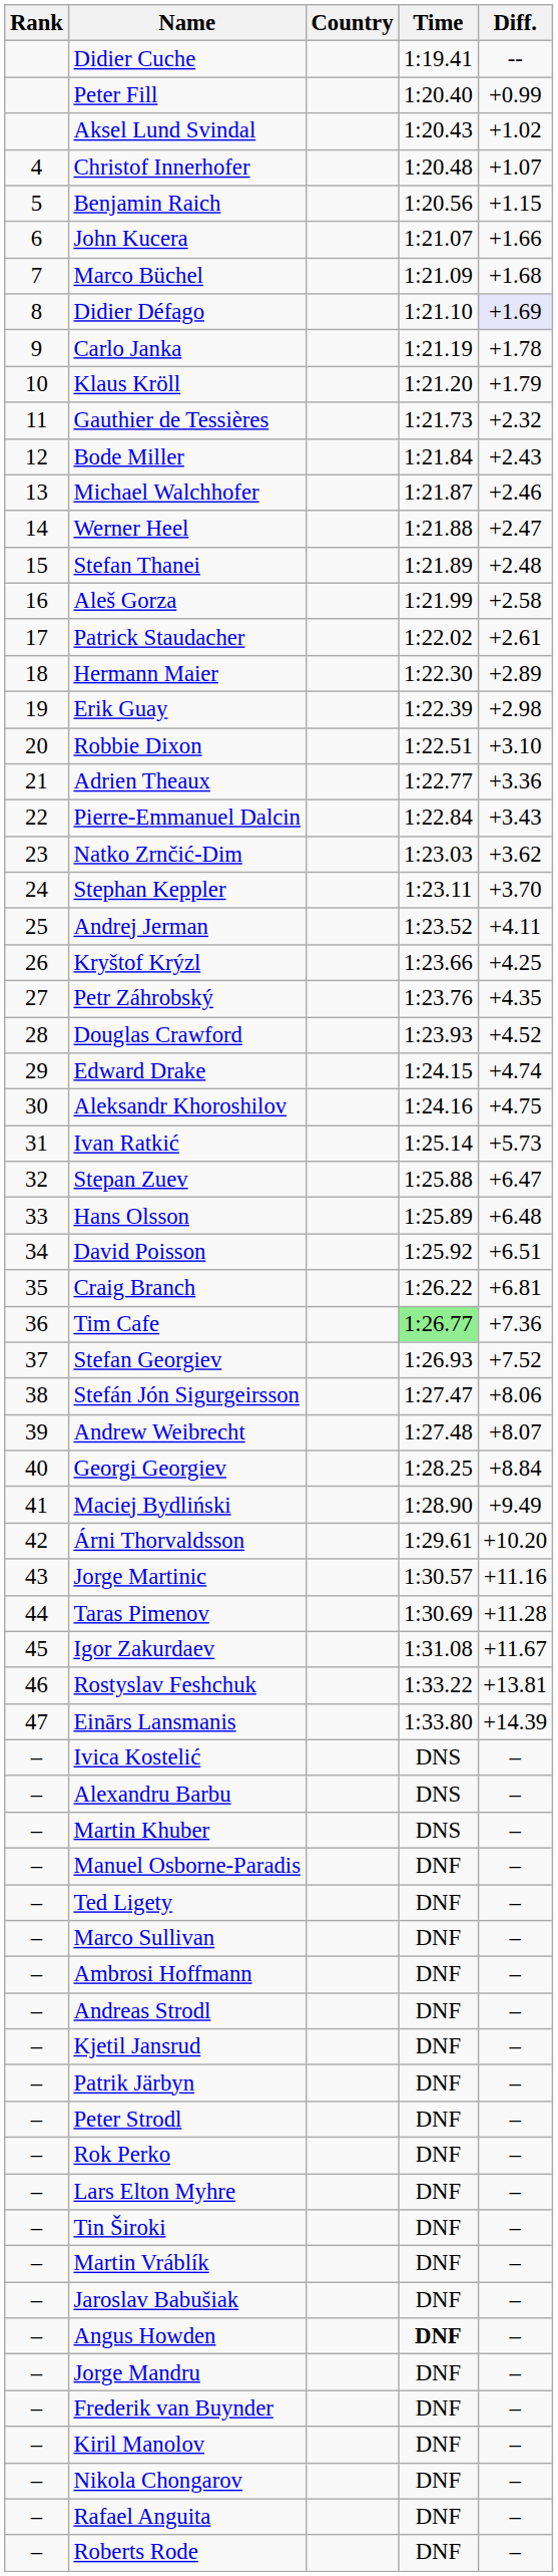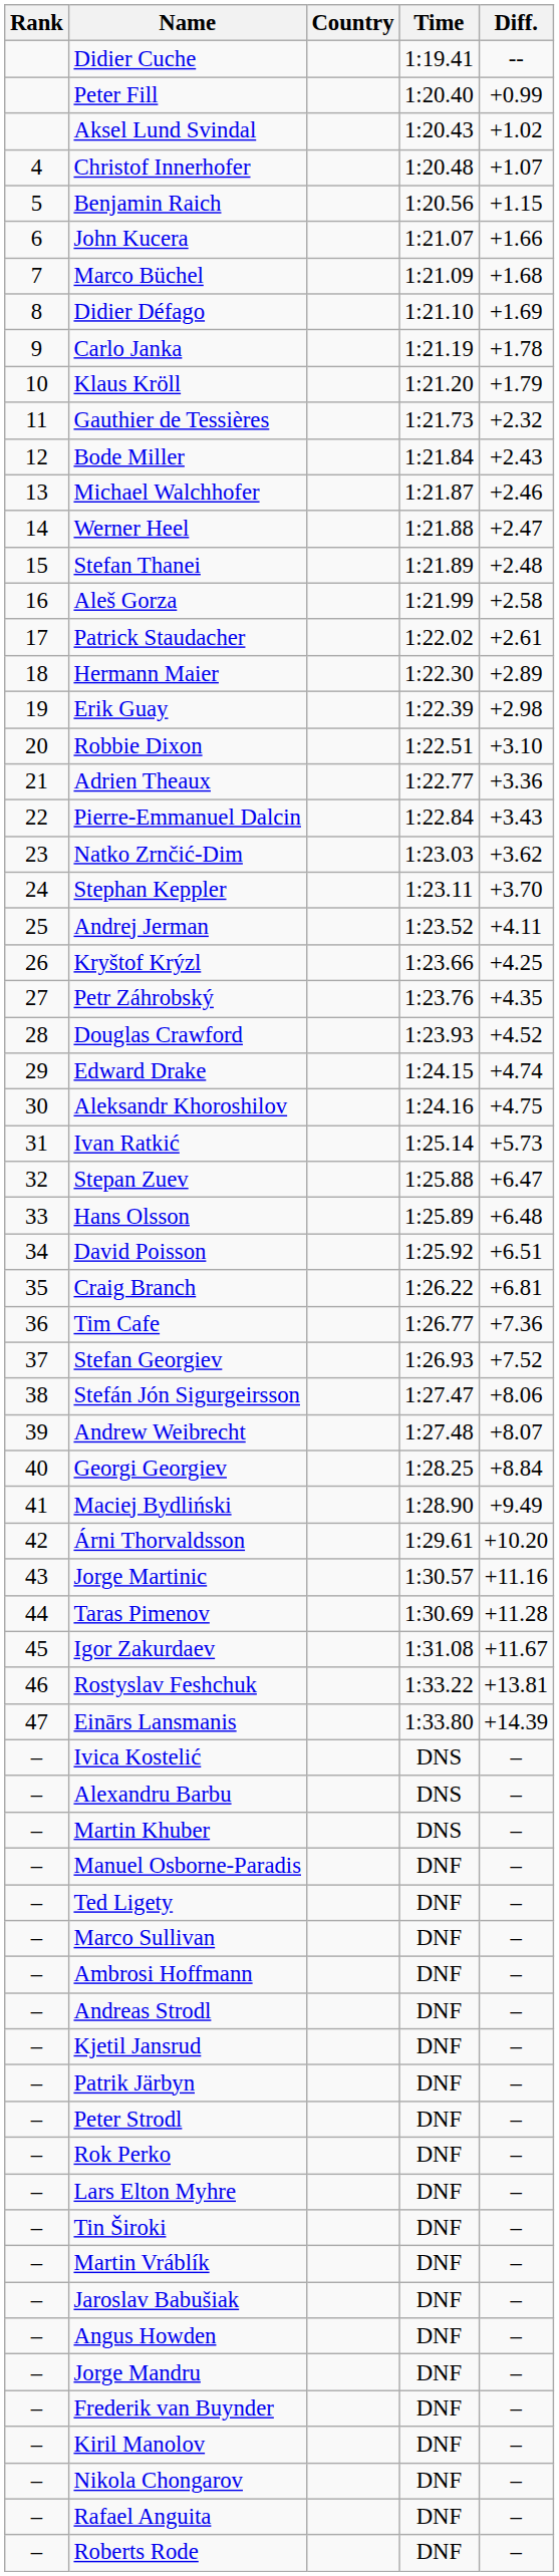 <table class="wikitable sortable" style="text-align:center">
 <tr>
 <th>Rank</th>
 <th>Name</th>
 <th>Country</th>
 <th>Time</th>
 <th>Diff.</th>
 </tr>
 <tr>
 <td></td>
 <td align=left><a href='#'>Didier Cuche</a></td>
 <td align=left></td>
 <td>1:19.41</td>
 <td>--</td>
 </tr>
 <tr>
 <td></td>
 <td align=left><a href='#'>Peter Fill</a></td>
 <td align=left></td>
 <td>1:20.40</td>
 <td>+0.99</td>
 </tr>
 <tr>
 <td></td>
 <td align=left><a href='#'>Aksel Lund Svindal</a></td>
 <td align=left></td>
 <td>1:20.43</td>
 <td>+1.02</td>
 </tr>
 <tr>
 <td>4</td>
 <td align=left><a href='#'>Christof Innerhofer</a></td>
 <td align=left></td>
 <td>1:20.48</td>
 <td>+1.07</td>
 </tr>
 <tr>
 <td>5</td>
 <td align=left><a href='#'>Benjamin Raich</a></td>
 <td align=left></td>
 <td>1:20.56</td>
 <td>+1.15</td>
 </tr>
 <tr>
 <td>6</td>
 <td align=left><a href='#'>John Kucera</a></td>
 <td align=left></td>
 <td>1:21.07</td>
 <td>+1.66</td>
 </tr>
 <tr>
 <td>7</td>
 <td align=left><a href='#'>Marco Büchel</a></td>
 <td align=left></td>
 <td>1:21.09</td>
 <td>+1.68</td>
 </tr>
 <tr>
 <td>8</td>
 <td align=left><a href='#'>Didier Défago</a></td>
 <td align=left></td>
 <td>1:21.10</td>
-<td style="background: lavender;">+1.69</td>
+<td>+1.69</td>
 </tr>
 <tr>
 <td>9</td>
 <td align=left><a href='#'>Carlo Janka</a></td>
 <td align=left></td>
 <td>1:21.19</td>
 <td>+1.78</td>
 </tr>
 <tr>
 <td>10</td>
 <td align=left><a href='#'>Klaus Kröll</a></td>
 <td align=left></td>
 <td>1:21.20</td>
 <td>+1.79</td>
 </tr>
 <tr>
 <td>11</td>
 <td align=left><a href='#'>Gauthier de Tessières</a></td>
 <td align=left></td>
 <td>1:21.73</td>
 <td>+2.32</td>
 </tr>
 <tr>
 <td>12</td>
 <td align=left><a href='#'>Bode Miller</a></td>
 <td align=left></td>
 <td>1:21.84</td>
 <td>+2.43</td>
 </tr>
 <tr>
 <td>13</td>
 <td align=left><a href='#'>Michael Walchhofer</a></td>
 <td align=left></td>
 <td>1:21.87</td>
 <td>+2.46</td>
 </tr>
 <tr>
 <td>14</td>
 <td align=left><a href='#'>Werner Heel</a></td>
 <td align=left></td>
 <td>1:21.88</td>
 <td>+2.47</td>
 </tr>
 <tr>
 <td>15</td>
 <td align=left><a href='#'>Stefan Thanei</a></td>
 <td align=left></td>
 <td>1:21.89</td>
 <td>+2.48</td>
 </tr>
 <tr>
 <td>16</td>
 <td align=left><a href='#'>Aleš Gorza</a></td>
 <td align=left></td>
 <td>1:21.99</td>
 <td>+2.58</td>
 </tr>
 <tr>
 <td>17</td>
 <td align=left><a href='#'>Patrick Staudacher</a></td>
 <td align=left></td>
 <td>1:22.02</td>
 <td>+2.61</td>
 </tr>
 <tr>
 <td>18</td>
 <td align=left><a href='#'>Hermann Maier</a></td>
 <td align=left></td>
 <td>1:22.30</td>
 <td>+2.89</td>
 </tr>
 <tr>
 <td>19</td>
 <td align=left><a href='#'>Erik Guay</a></td>
 <td align=left></td>
 <td>1:22.39</td>
 <td>+2.98</td>
 </tr>
 <tr>
 <td>20</td>
 <td align=left><a href='#'>Robbie Dixon</a></td>
 <td align=left></td>
 <td>1:22.51</td>
 <td>+3.10</td>
 </tr>
 <tr>
 <td>21</td>
 <td align=left><a href='#'>Adrien Theaux</a></td>
 <td align=left></td>
 <td>1:22.77</td>
 <td>+3.36</td>
 </tr>
 <tr>
 <td>22</td>
 <td align=left><a href='#'>Pierre-Emmanuel Dalcin</a></td>
 <td align=left></td>
 <td>1:22.84</td>
 <td>+3.43</td>
 </tr>
 <tr>
 <td>23</td>
 <td align=left><a href='#'>Natko Zrnčić-Dim</a></td>
 <td align=left></td>
 <td>1:23.03</td>
 <td>+3.62</td>
 </tr>
 <tr>
 <td>24</td>
 <td align=left><a href='#'>Stephan Keppler</a></td>
 <td align=left></td>
 <td>1:23.11</td>
 <td>+3.70</td>
 </tr>
 <tr>
 <td>25</td>
 <td align=left><a href='#'>Andrej Jerman</a></td>
 <td align=left></td>
 <td>1:23.52</td>
 <td>+4.11</td>
 </tr>
 <tr>
 <td>26</td>
 <td align=left><a href='#'>Kryštof Krýzl</a></td>
 <td align=left></td>
 <td>1:23.66</td>
 <td>+4.25</td>
 </tr>
 <tr>
 <td>27</td>
 <td align=left><a href='#'>Petr Záhrobský</a></td>
 <td align=left></td>
 <td>1:23.76</td>
 <td>+4.35</td>
 </tr>
 <tr>
 <td>28</td>
 <td align=left><a href='#'>Douglas Crawford</a></td>
 <td align=left></td>
 <td>1:23.93</td>
 <td>+4.52</td>
 </tr>
 <tr>
 <td>29</td>
 <td align=left><a href='#'>Edward Drake</a></td>
 <td align=left></td>
 <td>1:24.15</td>
 <td>+4.74</td>
 </tr>
 <tr>
 <td>30</td>
 <td align=left><a href='#'>Aleksandr Khoroshilov</a></td>
 <td align=left></td>
 <td>1:24.16</td>
 <td>+4.75</td>
 </tr>
 <tr>
 <td>31</td>
 <td align=left><a href='#'>Ivan Ratkić</a></td>
 <td align=left></td>
 <td>1:25.14</td>
 <td>+5.73</td>
 </tr>
 <tr>
 <td>32</td>
 <td align=left><a href='#'>Stepan Zuev</a></td>
 <td align=left></td>
 <td>1:25.88</td>
 <td>+6.47</td>
 </tr>
 <tr>
 <td>33</td>
 <td align=left><a href='#'>Hans Olsson</a></td>
 <td align=left></td>
 <td>1:25.89</td>
 <td>+6.48</td>
 </tr>
 <tr>
 <td>34</td>
 <td align=left><a href='#'>David Poisson</a></td>
 <td align=left></td>
 <td>1:25.92</td>
 <td>+6.51</td>
 </tr>
 <tr>
 <td>35</td>
 <td align=left><a href='#'>Craig Branch</a></td>
 <td align=left></td>
 <td>1:26.22</td>
 <td>+6.81</td>
 </tr>
 <tr>
 <td>36</td>
 <td align=left><a href='#'>Tim Cafe</a></td>
 <td align=left></td>
-<td style="background: lightgreen;">1:26.77</td>
+<td>1:26.77</td>
 <td>+7.36</td>
 </tr>
 <tr>
 <td>37</td>
 <td align=left><a href='#'>Stefan Georgiev</a></td>
 <td align=left></td>
 <td>1:26.93</td>
 <td>+7.52</td>
 </tr>
 <tr>
 <td>38</td>
 <td align=left><a href='#'>Stefán Jón Sigurgeirsson</a></td>
 <td align=left></td>
 <td>1:27.47</td>
 <td>+8.06</td>
 </tr>
 <tr>
 <td>39</td>
 <td align=left><a href='#'>Andrew Weibrecht</a></td>
 <td align=left></td>
 <td>1:27.48</td>
 <td>+8.07</td>
 </tr>
 <tr>
 <td>40</td>
 <td align=left><a href='#'>Georgi Georgiev</a></td>
 <td align=left></td>
 <td>1:28.25</td>
 <td>+8.84</td>
 </tr>
 <tr>
 <td>41</td>
 <td align=left><a href='#'>Maciej Bydliński</a></td>
 <td align=left></td>
 <td>1:28.90</td>
 <td>+9.49</td>
 </tr>
 <tr>
 <td>42</td>
 <td align=left><a href='#'>Árni Thorvaldsson</a></td>
 <td align=left></td>
 <td>1:29.61</td>
 <td>+10.20</td>
 </tr>
 <tr>
 <td>43</td>
 <td align=left><a href='#'>Jorge Martinic</a></td>
 <td align=left></td>
 <td>1:30.57</td>
 <td>+11.16</td>
 </tr>
 <tr>
 <td>44</td>
 <td align=left><a href='#'>Taras Pimenov</a></td>
 <td align=left></td>
 <td>1:30.69</td>
 <td>+11.28</td>
 </tr>
 <tr>
 <td>45</td>
 <td align=left><a href='#'>Igor Zakurdaev</a></td>
 <td align=left></td>
 <td>1:31.08</td>
 <td>+11.67</td>
 </tr>
 <tr>
 <td>46</td>
 <td align=left><a href='#'>Rostyslav Feshchuk</a></td>
 <td align=left></td>
 <td>1:33.22</td>
 <td>+13.81</td>
 </tr>
 <tr>
 <td>47</td>
 <td align=left><a href='#'>Einārs Lansmanis</a></td>
 <td align=left></td>
 <td>1:33.80</td>
 <td>+14.39</td>
 </tr>
 <tr>
 <td>–</td>
 <td align=left><a href='#'>Ivica Kostelić</a></td>
 <td align=left></td>
 <td>DNS</td>
 <td>–</td>
 </tr>
 <tr>
 <td>–</td>
 <td align=left><a href='#'>Alexandru Barbu</a></td>
 <td align=left></td>
 <td>DNS</td>
 <td>–</td>
 </tr>
 <tr>
 <td>–</td>
 <td align=left><a href='#'>Martin Khuber</a></td>
 <td align=left></td>
 <td>DNS</td>
 <td>–</td>
 </tr>
 <tr>
 <td>–</td>
 <td align=left><a href='#'>Manuel Osborne-Paradis</a></td>
 <td align=left></td>
 <td>DNF</td>
 <td>–</td>
 </tr>
 <tr>
 <td>–</td>
 <td align=left><a href='#'>Ted Ligety</a></td>
 <td align=left></td>
 <td>DNF</td>
 <td>–</td>
 </tr>
 <tr>
 <td>–</td>
 <td align=left><a href='#'>Marco Sullivan</a></td>
 <td align=left></td>
 <td>DNF</td>
 <td>–</td>
 </tr>
 <tr>
 <td>–</td>
 <td align=left><a href='#'>Ambrosi Hoffmann</a></td>
 <td align=left></td>
 <td>DNF</td>
 <td>–</td>
 </tr>
 <tr>
 <td>–</td>
 <td align=left><a href='#'>Andreas Strodl</a></td>
 <td align=left></td>
 <td>DNF</td>
 <td>–</td>
 </tr>
 <tr>
 <td>–</td>
 <td align=left><a href='#'>Kjetil Jansrud</a></td>
 <td align=left></td>
 <td>DNF</td>
 <td>–</td>
 </tr>
 <tr>
 <td>–</td>
 <td align=left><a href='#'>Patrik Järbyn</a></td>
 <td align=left></td>
 <td>DNF</td>
 <td>–</td>
 </tr>
 <tr>
 <td>–</td>
 <td align=left><a href='#'>Peter Strodl</a></td>
 <td align=left></td>
 <td>DNF</td>
 <td>–</td>
 </tr>
 <tr>
 <td>–</td>
 <td align=left><a href='#'>Rok Perko</a></td>
 <td align=left></td>
 <td>DNF</td>
 <td>–</td>
 </tr>
 <tr>
 <td>–</td>
 <td align=left><a href='#'>Lars Elton Myhre</a></td>
 <td align=left></td>
 <td>DNF</td>
 <td>–</td>
 </tr>
 <tr>
 <td>–</td>
 <td align=left><a href='#'>Tin Široki</a></td>
 <td align=left></td>
 <td>DNF</td>
 <td>–</td>
 </tr>
 <tr>
 <td>–</td>
 <td align=left><a href='#'>Martin Vráblík</a></td>
 <td align=left></td>
 <td>DNF</td>
 <td>–</td>
 </tr>
 <tr>
 <td>–</td>
 <td align=left><a href='#'>Jaroslav Babušiak</a></td>
 <td align=left></td>
 <td>DNF</td>
 <td>–</td>
 </tr>
 <tr>
 <td>–</td>
 <td align=left><a href='#'>Angus Howden</a></td>
 <td align=left></td>
-<td><strong>DNF</strong></td>
+<td>DNF</td>
 <td>–</td>
 </tr>
 <tr>
 <td>–</td>
 <td align=left><a href='#'>Jorge Mandru</a></td>
 <td align=left></td>
 <td>DNF</td>
 <td>–</td>
 </tr>
 <tr>
 <td>–</td>
 <td align=left><a href='#'>Frederik van Buynder</a></td>
 <td align=left></td>
 <td>DNF</td>
 <td>–</td>
 </tr>
 <tr>
 <td>–</td>
 <td align=left><a href='#'>Kiril Manolov</a></td>
 <td align=left></td>
 <td>DNF</td>
 <td>–</td>
 </tr>
 <tr>
 <td>–</td>
 <td align=left><a href='#'>Nikola Chongarov</a></td>
 <td align=left></td>
 <td>DNF</td>
 <td>–</td>
 </tr>
 <tr>
 <td>–</td>
 <td align=left><a href='#'>Rafael Anguita</a></td>
 <td align=left></td>
 <td>DNF</td>
 <td>–</td>
 </tr>
 <tr>
 <td>–</td>
 <td align=left><a href='#'>Roberts Rode</a></td>
 <td align=left></td>
 <td>DNF</td>
 <td>–</td>
 </tr>
 </table>
